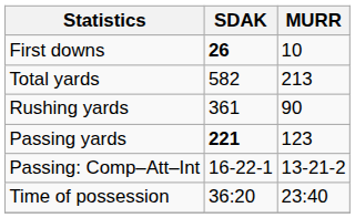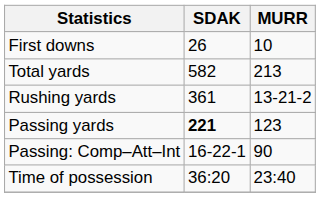 <table class="wikitable" style="float: left;">
 <tr>
 <th>Statistics</th>
 <th>SDAK</th>
 <th>MURR</th>
 </tr>
 <tr>
 <td>First downs</td>
-<td><strong>26</strong></td>
+<td>26</td>
 <td>10</td>
 </tr>
 <tr>
 <td>Total yards</td>
 <td>582</td>
 <td>213</td>
 </tr>
 <tr>
 <td>Rushing yards</td>
 <td>361</td>
-<td>90</td>
+<td>13-21-2</td>
 </tr>
 <tr>
 <td>Passing yards</td>
 <td><strong>221</strong></td>
 <td>123</td>
 </tr>
 <tr>
 <td>Passing: Comp–Att–Int</td>
 <td>16-22-1</td>
-<td>13-21-2</td>
+<td>90</td>
 </tr>
 <tr>
 <td>Time of possession</td>
 <td>36:20</td>
 <td>23:40</td>
 </tr>
 <tr>
 </tr>
 </table>
